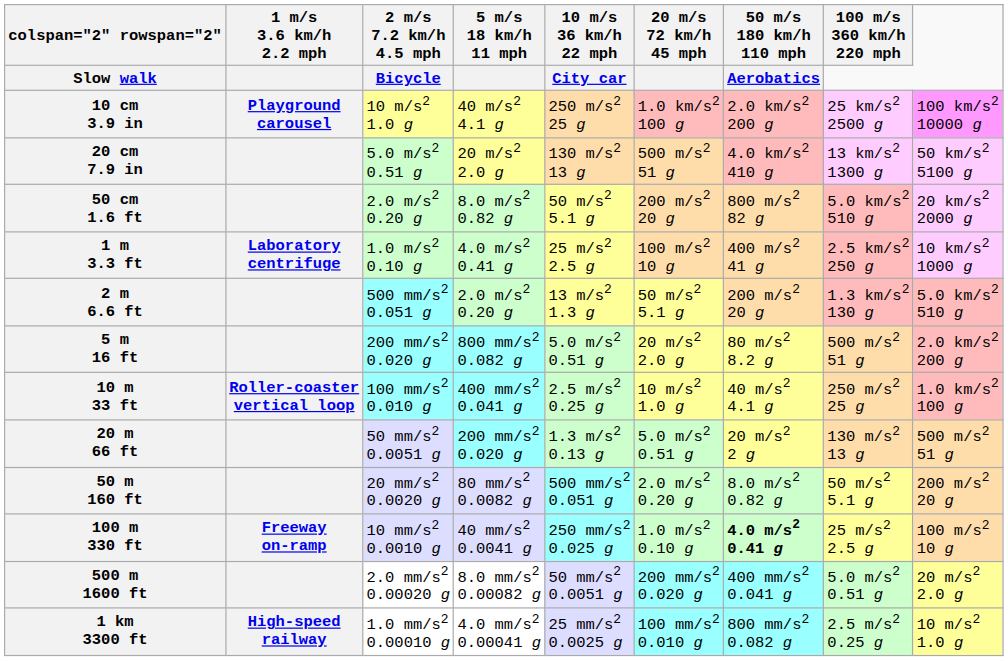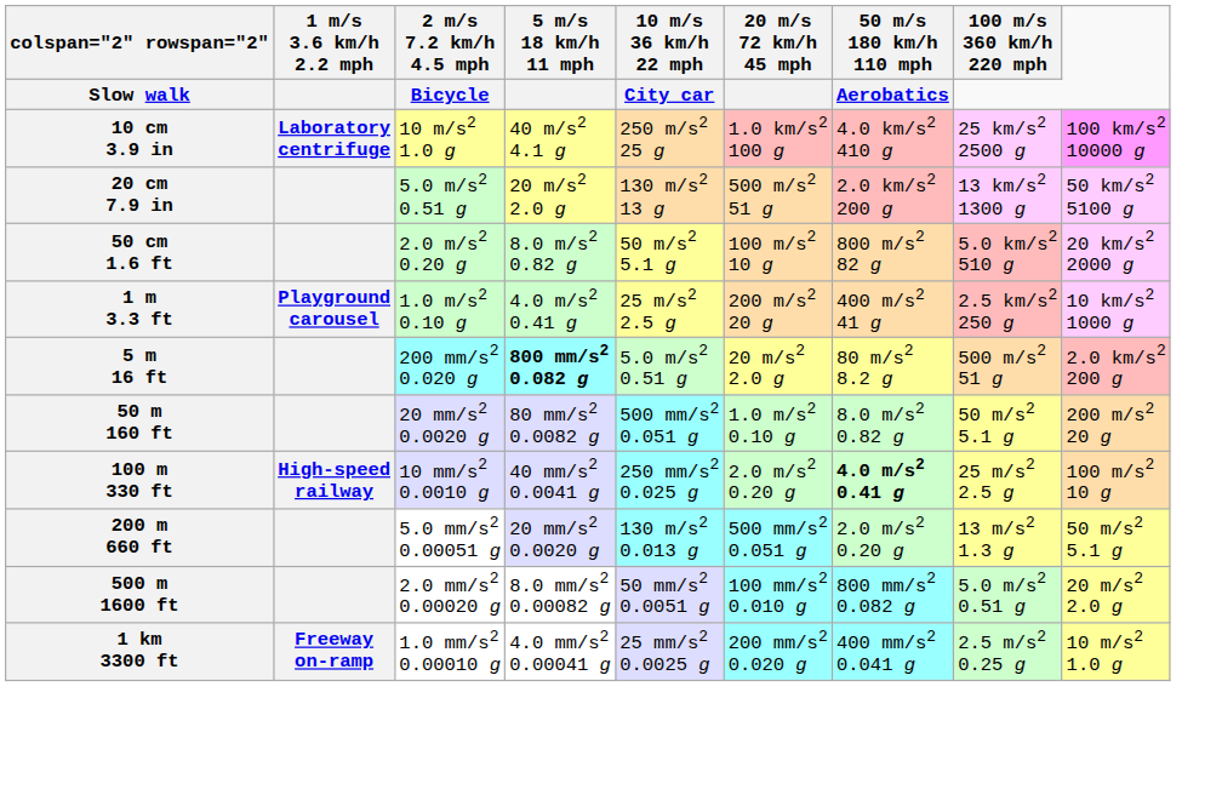 <table class="wikitable">
 <tr>
 <th>colspan="2" rowspan="2"  </th>
 <th>1 m/s<br>3.6 km/h<br>2.2 mph</th>
 <th>2 m/s<br>7.2 km/h<br>4.5 mph</th>
 <th>5 m/s<br>18 km/h<br>11 mph</th>
 <th>10 m/s<br>36 km/h<br>22 mph</th>
 <th>20 m/s<br>72 km/h<br>45 mph</th>
 <th>50 m/s<br>180 km/h<br>110 mph</th>
 <th>100 m/s<br>360 km/h<br>220 mph</th>
 </tr>
 <tr>
 <th>Slow <a href='#'>walk</a></th>
 <th></th>
 <th><a href='#'>Bicycle</a></th>
 <th></th>
 <th><a href='#'>City car</a></th>
 <th></th>
 <th><a href='#'>Aerobatics</a></th>
 </tr>
 <tr>
 <th>10 cm<br>3.9 in</th>
-<th><a href='#'>Playground</a><br><a href='#'>carousel</a></th>
+<th><a href='#'>Laboratory<br>centrifuge</a></th>
 <td bgcolor="#ffff99">10 m/s<sup>2</sup><br>1.0 <em>g</em></td>
 <td bgcolor="#ffff99">40 m/s<sup>2</sup><br>4.1 <em>g</em></td>
 <td bgcolor="#ffddaa">250 m/s<sup>2</sup><br>25 <em>g</em></td>
 <td bgcolor="#ffbbbb">1.0 km/s<sup>2</sup><br>100 <em>g</em></td>
-<td bgcolor="#ffbbbb">2.0 km/s<sup>2</sup><br>200 <em>g</em></td>
+<td bgcolor="#ffbbbb">4.0 km/s<sup>2</sup><br>410 <em>g</em></td>
 <td bgcolor="#ffccff">25 km/s<sup>2</sup><br>2500 <em>g</em></td>
 <td bgcolor="#ff99ff">100 km/s<sup>2</sup><br>10000 <em>g</em></td>
 </tr>
 <tr>
 <th>20 cm<br>7.9 in</th>
 <th></th>
 <td bgcolor="#ccffcc">5.0 m/s<sup>2</sup><br>0.51 <em>g</em></td>
 <td bgcolor="#ffff99">20 m/s<sup>2</sup><br>2.0 <em>g</em></td>
 <td bgcolor="#ffddaa">130 m/s<sup>2</sup><br>13 <em>g</em></td>
 <td bgcolor="#ffddaa">500 m/s<sup>2</sup><br>51 <em>g</em></td>
-<td bgcolor="#ffbbbb">4.0 km/s<sup>2</sup><br>410 <em>g</em></td>
+<td bgcolor="#ffbbbb">2.0 km/s<sup>2</sup><br>200 <em>g</em></td>
 <td bgcolor="#ffccff">13 km/s<sup>2</sup><br>1300 <em>g</em></td>
 <td bgcolor="#ffccff">50 km/s<sup>2</sup><br>5100 <em>g</em></td>
 </tr>
 <tr>
 <th>50 cm<br>1.6 ft</th>
 <th></th>
 <td bgcolor="#ccffcc">2.0 m/s<sup>2</sup><br>0.20 <em>g</em></td>
 <td bgcolor="#ccffcc">8.0 m/s<sup>2</sup><br>0.82 <em>g</em></td>
 <td bgcolor="#ffff99">50 m/s<sup>2</sup><br>5.1 <em>g</em></td>
-<td bgcolor="#ffddaa">200 m/s<sup>2</sup><br>20 <em>g</em></td>
+<td bgcolor="#ffddaa">100 m/s<sup>2</sup><br>10 <em>g</em></td>
 <td bgcolor="#ffddaa">800 m/s<sup>2</sup><br>82 <em>g</em></td>
 <td bgcolor="#ffbbbb">5.0 km/s<sup>2</sup><br>510 <em>g</em></td>
 <td bgcolor="#ffccff">20 km/s<sup>2</sup><br>2000 <em>g</em></td>
 </tr>
 <tr>
 <th>1 m<br>3.3 ft</th>
-<th><a href='#'>Laboratory<br>centrifuge</a></th>
+<th><a href='#'>Playground</a><br><a href='#'>carousel</a></th>
 <td bgcolor="#ccffcc">1.0 m/s<sup>2</sup><br>0.10 <em>g</em></td>
 <td bgcolor="#ccffcc">4.0 m/s<sup>2</sup><br>0.41 <em>g</em></td>
 <td bgcolor="#ffff99">25 m/s<sup>2</sup><br>2.5 <em>g</em></td>
-<td bgcolor="#ffddaa">100 m/s<sup>2</sup><br>10 <em>g</em></td>
+<td bgcolor="#ffddaa">200 m/s<sup>2</sup><br>20 <em>g</em></td>
 <td bgcolor="#ffddaa">400 m/s<sup>2</sup><br>41 <em>g</em></td>
 <td bgcolor="#ffbbbb">2.5 km/s<sup>2</sup><br>250 <em>g</em></td>
 <td bgcolor="#ffccff">10 km/s<sup>2</sup><br>1000 <em>g</em></td>
 </tr>
 <tr>
-<th>2 m<br>6.6 ft</th>
-<th></th>
-<td bgcolor="#99ffff">500 mm/s<sup>2</sup><br>0.051 <em>g</em></td>
-<td bgcolor="#ccffcc">2.0 m/s<sup>2</sup><br>0.20 <em>g</em></td>
-<td bgcolor="#ffff99">13 m/s<sup>2</sup><br>1.3 <em>g</em></td>
-<td bgcolor="#ffff99">50 m/s<sup>2</sup><br>5.1 <em>g</em></td>
-<td bgcolor="#ffddaa">200 m/s<sup>2</sup><br>20 <em>g</em></td>
-<td bgcolor="#ffbbbb">1.3 km/s<sup>2</sup><br>130 <em>g</em></td>
-<td bgcolor="#ffbbbb">5.0 km/s<sup>2</sup><br>510 <em>g</em></td>
-</tr>
-<tr>
 <th>5 m<br>16 ft</th>
 <th></th>
 <td bgcolor="#99ffff">200 mm/s<sup>2</sup><br>0.020 <em>g</em></td>
-<td bgcolor="#99ffff">800 mm/s<sup>2</sup><br>0.082 <em>g</em></td>
+<td bgcolor="#99ffff"><strong>800 mm/s<sup>2</sup><br>0.082 <em>g</em></strong></td>
 <td bgcolor="#ccffcc">5.0 m/s<sup>2</sup><br>0.51 <em>g</em></td>
 <td bgcolor="#ffff99">20 m/s<sup>2</sup><br>2.0 <em>g</em></td>
 <td bgcolor="#ffff99">80 m/s<sup>2</sup><br>8.2 <em>g</em></td>
 <td bgcolor="#ffddaa">500 m/s<sup>2</sup><br>51 <em>g</em></td>
 <td bgcolor="#ffbbbb">2.0 km/s<sup>2</sup><br>200 <em>g</em></td>
 </tr>
 <tr>
-<th>10 m<br>33 ft</th>
-<th><a href='#'>Roller-coaster</a><br><a href='#'>vertical loop</a></th>
-<td bgcolor="#99ffff">100 mm/s<sup>2</sup><br>0.010 <em>g</em></td>
-<td bgcolor="#99ffff">400 mm/s<sup>2</sup><br>0.041 <em>g</em></td>
-<td bgcolor="#ccffcc">2.5 m/s<sup>2</sup><br>0.25 <em>g</em></td>
-<td bgcolor="#ffff99">10 m/s<sup>2</sup><br>1.0 <em>g</em></td>
-<td bgcolor="#ffff99">40 m/s<sup>2</sup><br>4.1 <em>g</em></td>
-<td bgcolor="#ffddaa">250 m/s<sup>2</sup><br>25 <em>g</em></td>
-<td bgcolor="#ffbbbb">1.0 km/s<sup>2</sup><br>100 <em>g</em></td>
-</tr>
-<tr>
-<th>20 m<br>66 ft</th>
-<th></th>
-<td bgcolor="#ddddff">50 mm/s<sup>2</sup><br>0.0051 <em>g</em></td>
-<td bgcolor="#99ffff">200 mm/s<sup>2</sup><br>0.020 <em>g</em></td>
-<td bgcolor="#ccffcc">1.3 m/s<sup>2</sup><br>0.13 <em>g</em></td>
-<td bgcolor="#ccffcc">5.0 m/s<sup>2</sup><br>0.51 <em>g</em></td>
-<td bgcolor="#ffff99">20 m/s<sup>2</sup><br>2 <em>g</em></td>
-<td bgcolor="#ffddaa">130 m/s<sup>2</sup><br>13 <em>g</em></td>
-<td bgcolor="#ffddaa">500 m/s<sup>2</sup><br>51 <em>g</em></td>
-</tr>
-<tr>
 <th>50 m<br>160 ft</th>
 <th></th>
 <td bgcolor="#ddddff">20 mm/s<sup>2</sup><br>0.0020 <em>g</em></td>
 <td bgcolor="#ddddff">80 mm/s<sup>2</sup><br>0.0082 <em>g</em></td>
 <td bgcolor="#99ffff">500 mm/s<sup>2</sup><br>0.051 <em>g</em></td>
-<td bgcolor="#ccffcc">2.0 m/s<sup>2</sup><br>0.20 <em>g</em></td>
+<td bgcolor="#ccffcc">1.0 m/s<sup>2</sup><br>0.10 <em>g</em></td>
 <td bgcolor="#ccffcc">8.0 m/s<sup>2</sup><br>0.82 <em>g</em></td>
 <td bgcolor="#ffff99">50 m/s<sup>2</sup><br>5.1 <em>g</em></td>
 <td bgcolor="#ffddaa">200 m/s<sup>2</sup><br>20 <em>g</em></td>
 </tr>
 <tr>
 <th>100 m<br>330 ft</th>
-<th><a href='#'>Freeway</a><br><a href='#'>on-ramp</a></th>
+<th><a href='#'>High-speed<br>railway</a></th>
 <td bgcolor="#ddddff">10 mm/s<sup>2</sup><br>0.0010 <em>g</em></td>
 <td bgcolor="#ddddff">40 mm/s<sup>2</sup><br>0.0041 <em>g</em></td>
 <td bgcolor="#99ffff">250 mm/s<sup>2</sup><br>0.025 <em>g</em></td>
-<td bgcolor="#ccffcc">1.0 m/s<sup>2</sup><br>0.10 <em>g</em></td>
+<td bgcolor="#ccffcc">2.0 m/s<sup>2</sup><br>0.20 <em>g</em></td>
 <td bgcolor="#ccffcc"><strong>4.0 m/s<sup>2</sup><br>0.41 <em>g</em></strong></td>
 <td bgcolor="#ffff99">25 m/s<sup>2</sup><br>2.5 <em>g</em></td>
 <td bgcolor="#ffddaa">100 m/s<sup>2</sup><br>10 <em>g</em></td>
+</tr>
+<tr>
+<th>200 m<br>660 ft</th>
+<th></th>
+<td bgcolor="#ffffff">5.0 mm/s<sup>2</sup><br>0.00051 <em>g</em></td>
+<td bgcolor="#ddddff">20 mm/s<sup>2</sup><br>0.0020 <em>g</em></td>
+<td bgcolor="#99ffff">130 m/s<sup>2</sup><br>0.013 <em>g</em></td>
+<td bgcolor="#99ffff">500 mm/s<sup>2</sup><br>0.051 <em>g</em></td>
+<td bgcolor="#ccffcc">2.0 m/s<sup>2</sup><br>0.20 <em>g</em></td>
+<td bgcolor="#ffff99">13 m/s<sup>2</sup><br>1.3 <em>g</em></td>
+<td bgcolor="#ffff99">50 m/s<sup>2</sup><br>5.1 <em>g</em></td>
 </tr>
 <tr>
 <th>500 m<br>1600 ft</th>
 <th></th>
 <td bgcolor="#ffffff">2.0 mm/s<sup>2</sup><br>0.00020 <em>g</em></td>
 <td bgcolor="#ffffff">8.0 mm/s<sup>2</sup><br>0.00082 <em>g</em></td>
 <td bgcolor="#ddddff">50 mm/s<sup>2</sup><br>0.0051 <em>g</em></td>
-<td bgcolor="#99ffff">200 mm/s<sup>2</sup><br>0.020 <em>g</em></td>
-<td bgcolor="#99ffff">400 mm/s<sup>2</sup><br>0.041 <em>g</em></td>
+<td bgcolor="#99ffff">100 mm/s<sup>2</sup><br>0.010 <em>g</em></td>
+<td bgcolor="#99ffff">800 mm/s<sup>2</sup><br>0.082 <em>g</em></td>
 <td bgcolor="#ccffcc">5.0 m/s<sup>2</sup><br>0.51 <em>g</em></td>
 <td bgcolor="#ffff99">20 m/s<sup>2</sup><br>2.0 <em>g</em></td>
 </tr>
 <tr>
 <th>1 km<br>3300 ft</th>
-<th><a href='#'>High-speed<br>railway</a></th>
+<th><a href='#'>Freeway</a><br><a href='#'>on-ramp</a></th>
 <td bgcolor="#ffffff">1.0 mm/s<sup>2</sup><br>0.00010 <em>g</em></td>
 <td bgcolor="#ffffff">4.0 mm/s<sup>2</sup><br>0.00041 <em>g</em></td>
 <td bgcolor="#ddddff">25 mm/s<sup>2</sup><br>0.0025 <em>g</em></td>
-<td bgcolor="#99ffff">100 mm/s<sup>2</sup><br>0.010 <em>g</em></td>
-<td bgcolor="#99ffff">800 mm/s<sup>2</sup><br>0.082 <em>g</em></td>
+<td bgcolor="#99ffff">200 mm/s<sup>2</sup><br>0.020 <em>g</em></td>
+<td bgcolor="#99ffff">400 mm/s<sup>2</sup><br>0.041 <em>g</em></td>
 <td bgcolor="#ccffcc">2.5 m/s<sup>2</sup><br>0.25 <em>g</em></td>
 <td bgcolor="#ffff99">10 m/s<sup>2</sup><br>1.0 <em>g</em></td>
 </tr>
 </table>
